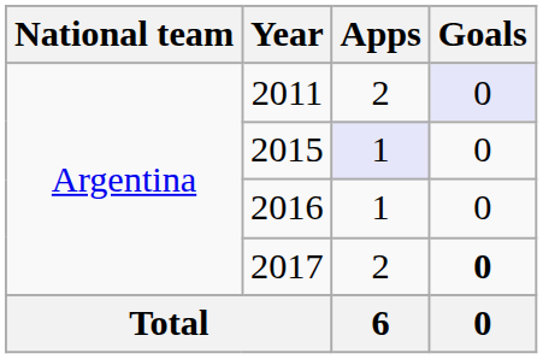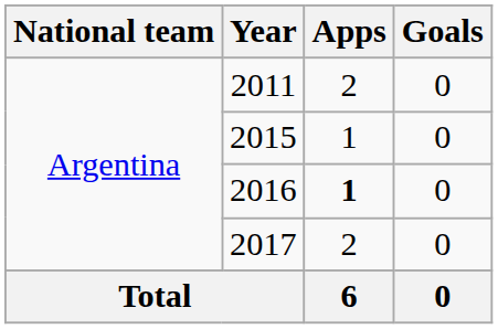 <table class="wikitable" style="text-align:center">
 <tr>
 <th>National team</th>
 <th>Year</th>
 <th>Apps</th>
 <th>Goals</th>
 </tr>
 <tr>
 <td rowspan=4><a href='#'>Argentina</a></td>
 <td>2011</td>
 <td>2</td>
-<td style="background: lavender;">0</td>
+<td>0</td>
 </tr>
 <tr>
 <td>2015</td>
-<td style="background: lavender;">1</td>
+<td>1</td>
 <td>0</td>
 </tr>
 <tr>
 <td>2016</td>
-<td>1</td>
+<td><strong>1</strong></td>
 <td>0</td>
 </tr>
 <tr>
 <td>2017</td>
 <td>2</td>
-<td><strong>0</strong></td>
+<td>0</td>
 </tr>
 <tr>
 <th colspan=2>Total</th>
 <th>6</th>
 <th>0</th>
 </tr>
 </table>
